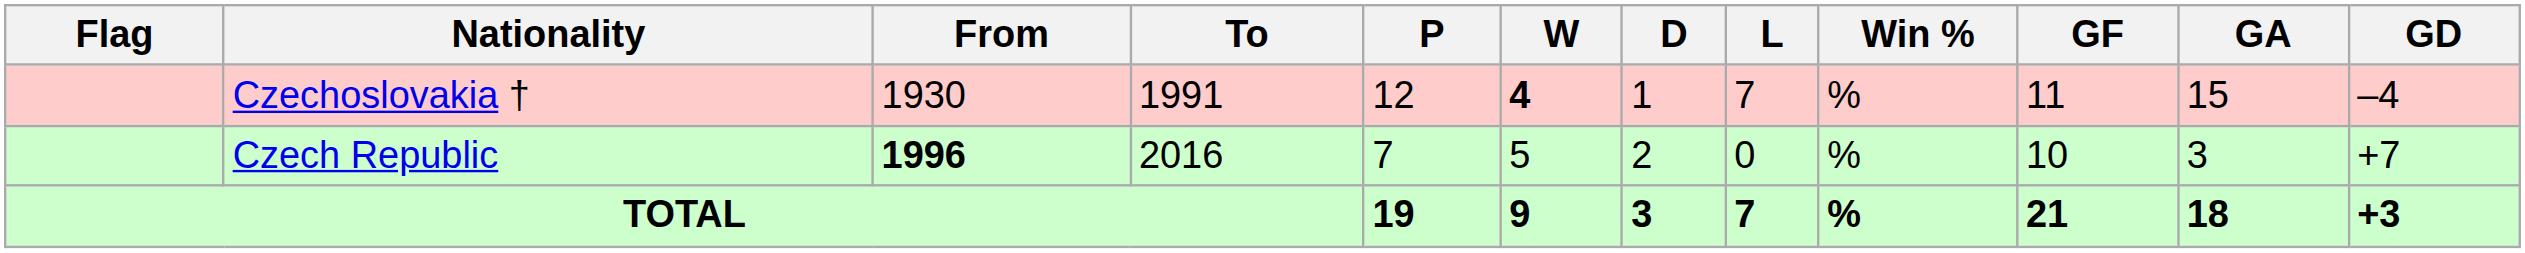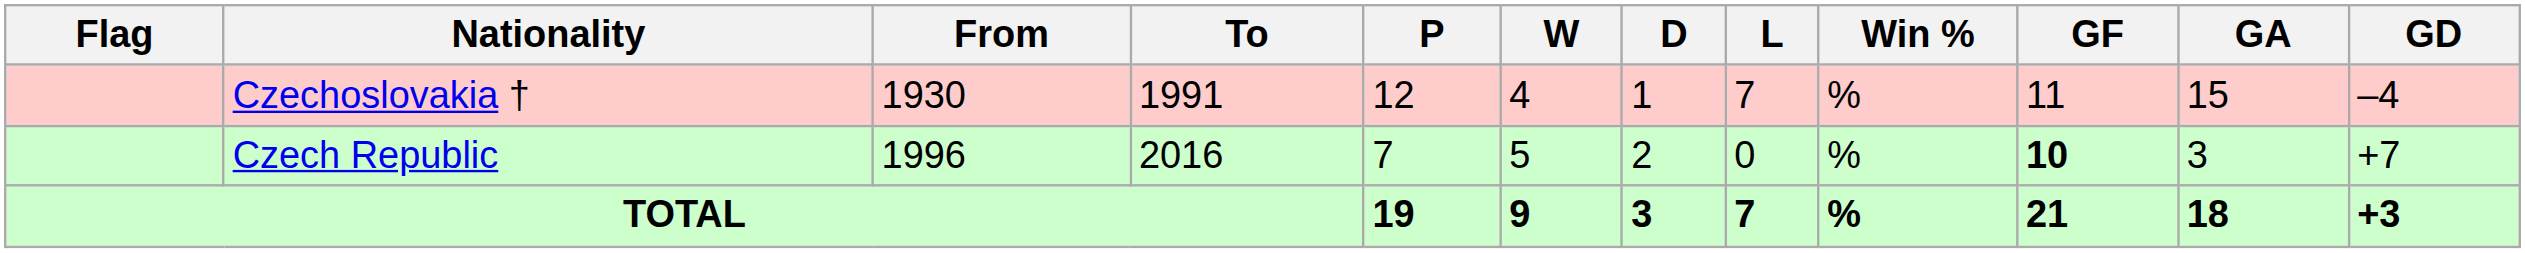 <table class="wikitable sortable" style="width:84%;">
 <tr>
 <th width="2">Flag</th>
 <th width="62">Nationality</th>
 <th width="2">From</th>
 <th width="2">To</th>
 <th width="2">P</th>
 <th width="2">W</th>
 <th width="2">D</th>
 <th width="2">L</th>
 <th width="2">Win %</th>
 <th width="2">GF</th>
 <th width="2">GA</th>
 <th width="2">GD</th>
 </tr>
 <tr bgcolor=#FFCCCC>
 <td></td>
 <td align=left><a href='#'>Czechoslovakia</a> †</td>
 <td align=left>1930</td>
 <td align=left>1991</td>
 <td>12</td>
-<td><strong>4</strong></td>
+<td>4</td>
 <td>1</td>
 <td>7</td>
 <td>%</td>
 <td>11</td>
 <td>15</td>
 <td>–4</td>
 </tr>
 <tr bgcolor=#CCFFCC>
 <td></td>
 <td align=left><a href='#'>Czech Republic</a></td>
-<td align=left><strong>1996</strong></td>
+<td align=left>1996</td>
 <td align=left>2016</td>
 <td>7</td>
 <td>5</td>
 <td>2</td>
 <td>0</td>
 <td>%</td>
-<td>10</td>
+<td><strong>10</strong></td>
 <td>3</td>
 <td>+7</td>
 </tr>
 <tr bgcolor=#CCFFCC>
 <td colspan=4 style="text-align:center;"><strong>TOTAL</strong></td>
 <td><strong>19</strong></td>
 <td><strong>9</strong></td>
 <td><strong>3</strong></td>
 <td><strong>7</strong></td>
 <td><strong>%</strong></td>
 <td><strong>21</strong></td>
 <td><strong>18</strong></td>
 <td><strong>+3</strong></td>
 </tr>
 </table>
